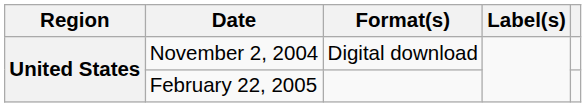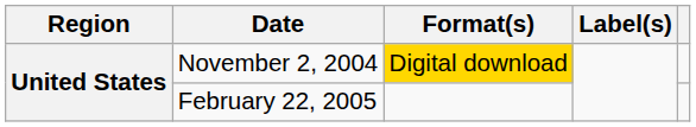 <table class="wikitable plainrowheaders">
 <tr>
 <th scope="col">Region</th>
 <th scope="col">Date</th>
 <th scope="col">Format(s)</th>
 <th scope="col">Label(s)</th>
 <th scope="col"></th>
 </tr>
 <tr>
 <th scope="row" rowspan="2">United States</th>
 <td>November 2, 2004</td>
-<td>Digital download</td>
+<td style="background: gold;">Digital download</td>
 <td rowspan="2"></td>
 <td align="center"></td>
 </tr>
 <tr>
 <td>February 22, 2005</td>
 <td></td>
 <td align="center"></td>
 </tr>
 </table>
